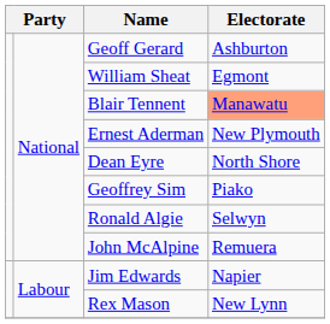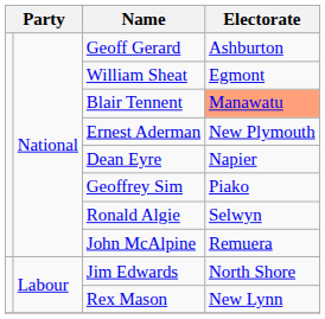 <table class="wikitable">
 <tr>
 <th colspan=2>Party</th>
 <th>Name</th>
 <th>Electorate</th>
 </tr>
 <tr>
 <td rowspan=8 style="background-color: "></td>
 <td rowspan=8><a href='#'>National</a></td>
 <td><a href='#'>Geoff Gerard</a></td>
 <td><a href='#'>Ashburton</a></td>
 </tr>
 <tr>
 <td><a href='#'>William Sheat</a></td>
 <td><a href='#'>Egmont</a></td>
 </tr>
 <tr>
 <td><a href='#'>Blair Tennent</a></td>
 <td style="background: lightsalmon;"><a href='#'>Manawatu</a></td>
 </tr>
 <tr>
 <td><a href='#'>Ernest Aderman</a></td>
 <td><a href='#'>New Plymouth</a></td>
 </tr>
 <tr>
 <td><a href='#'>Dean Eyre</a></td>
-<td><a href='#'>North Shore</a></td>
+<td><a href='#'>Napier</a></td>
 </tr>
 <tr>
 <td><a href='#'>Geoffrey Sim</a></td>
 <td><a href='#'>Piako</a></td>
 </tr>
 <tr>
 <td><a href='#'>Ronald Algie</a></td>
 <td><a href='#'>Selwyn</a></td>
 </tr>
 <tr>
 <td><a href='#'>John McAlpine</a></td>
 <td><a href='#'>Remuera</a></td>
 </tr>
 <tr>
 <td rowspan=2 style="background-color: "></td>
 <td rowspan=2><a href='#'>Labour</a></td>
 <td><a href='#'>Jim Edwards</a></td>
-<td><a href='#'>Napier</a></td>
+<td><a href='#'>North Shore</a></td>
 </tr>
 <tr>
 <td><a href='#'>Rex Mason</a></td>
 <td><a href='#'>New Lynn</a></td>
 </tr>
 <tr>
 </tr>
 </table>
